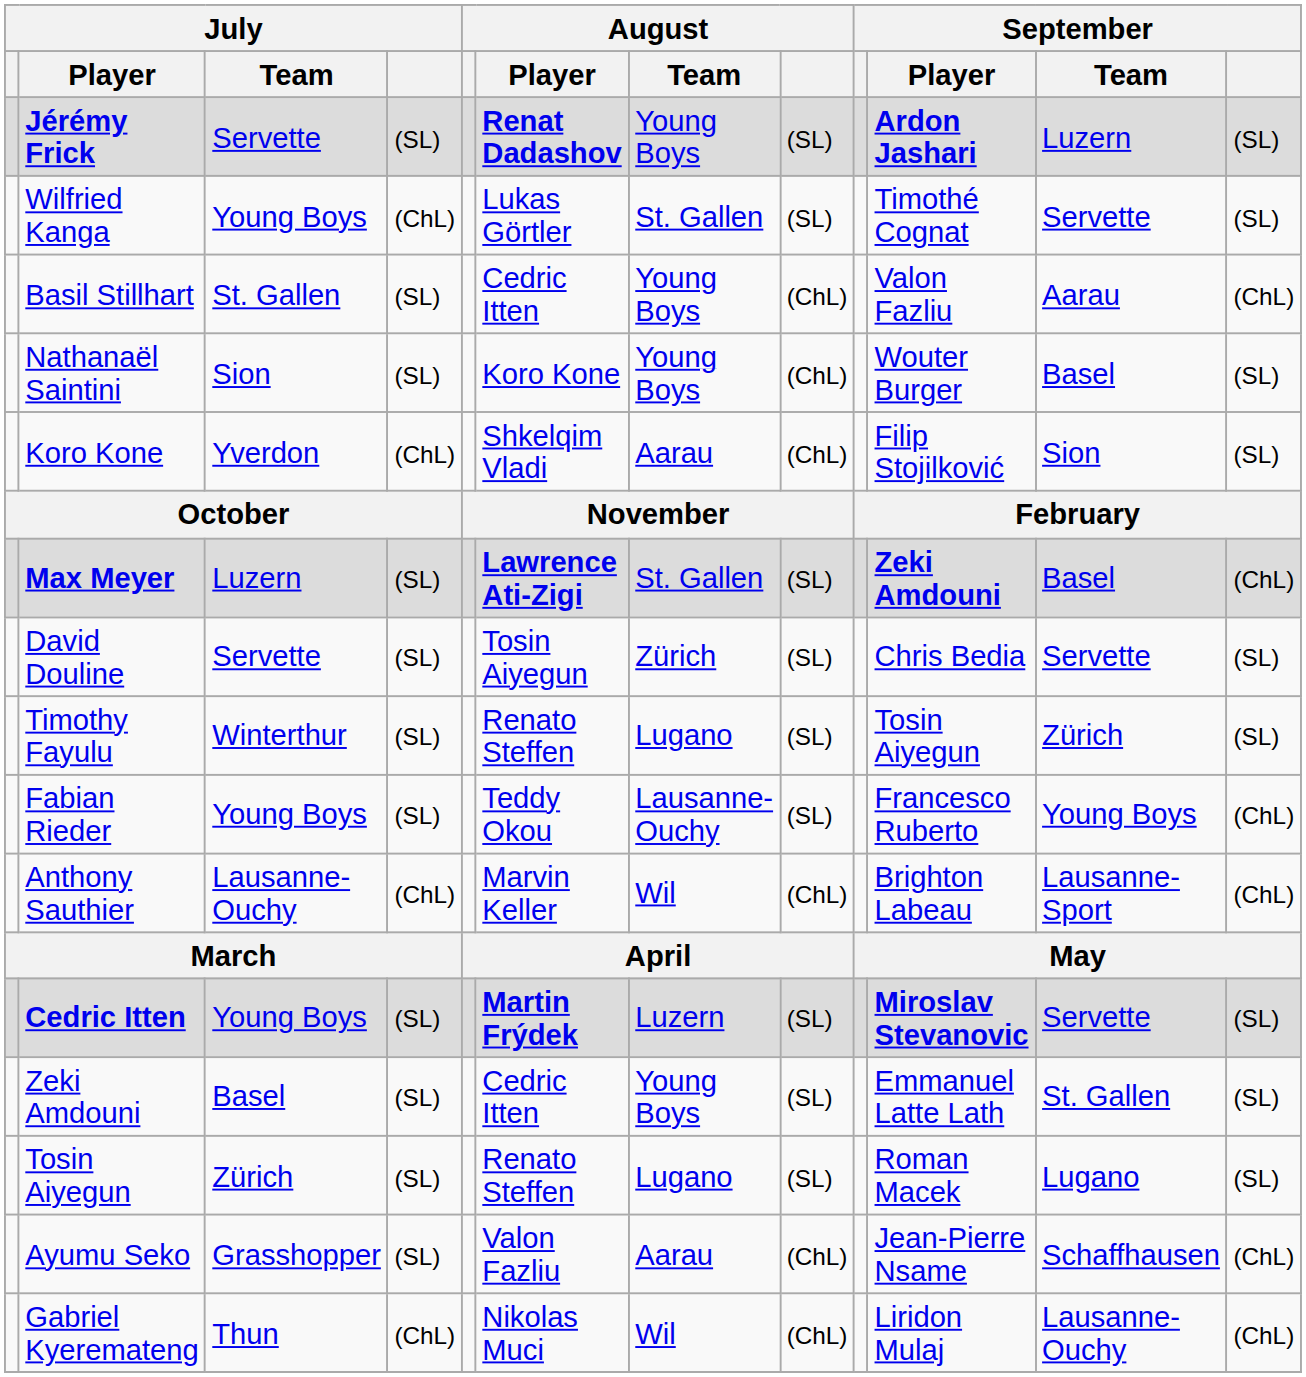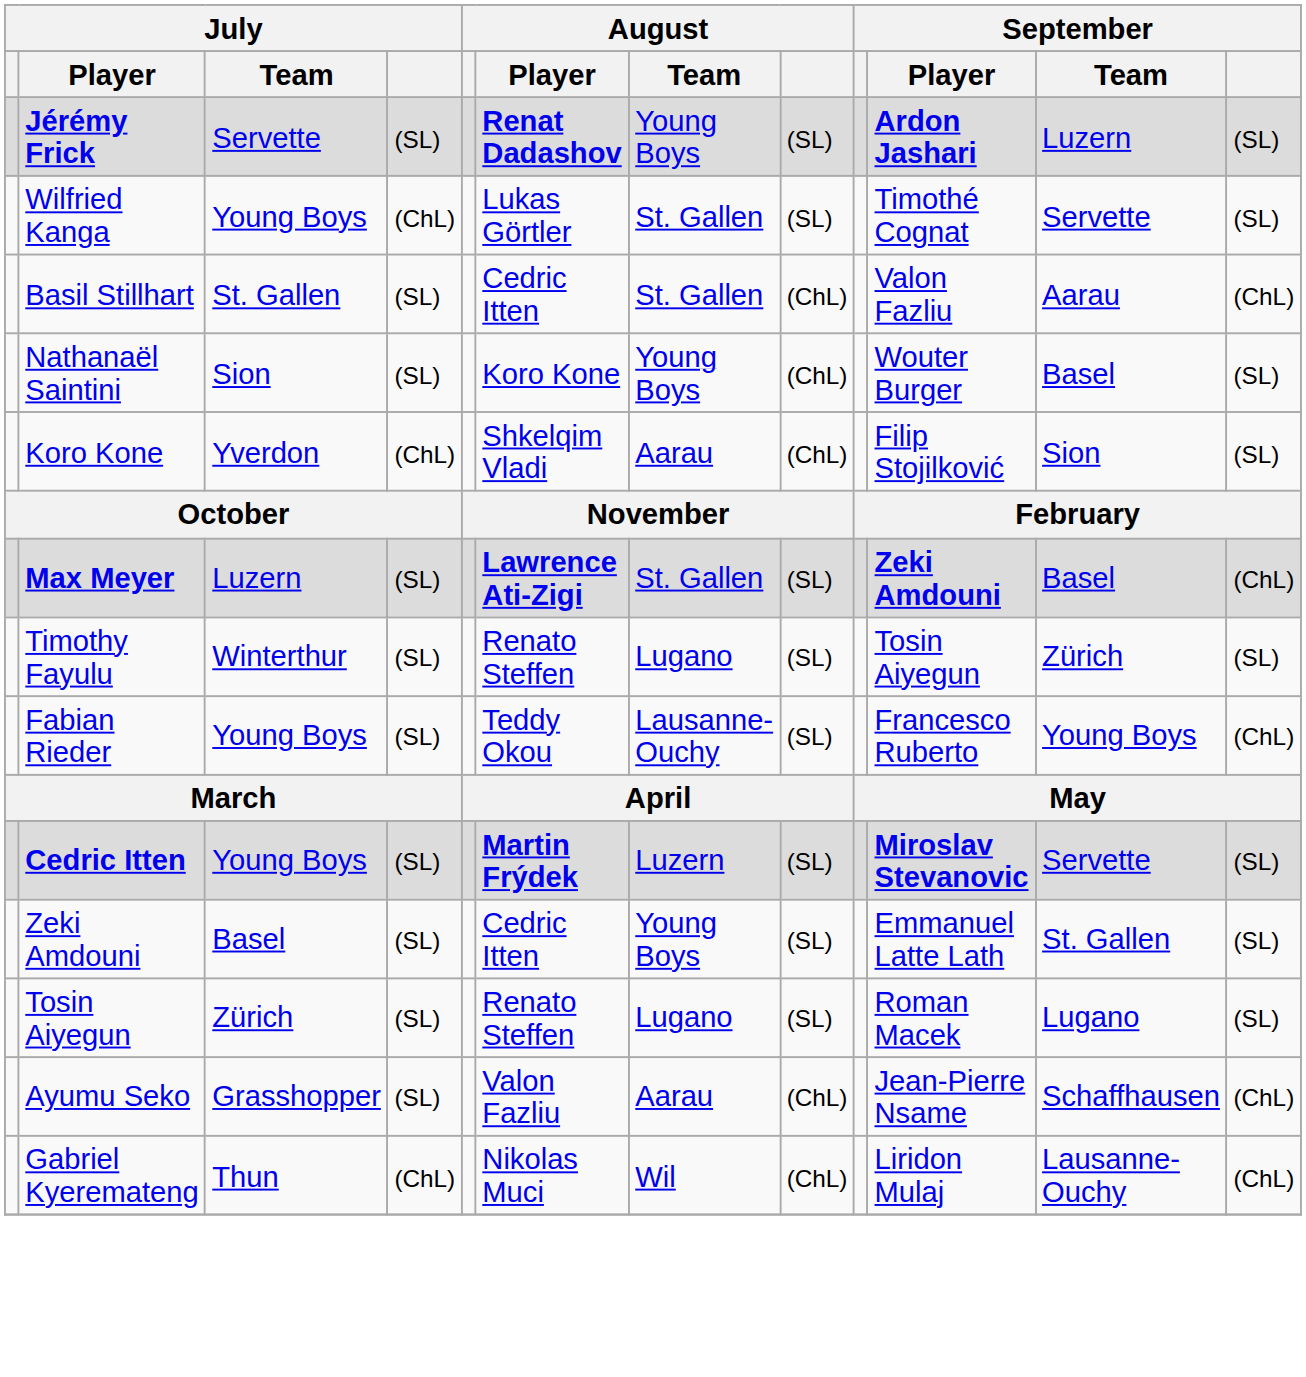 <table class="wikitable" style="text-align:left;font-size:95%">
 <tr>
 <th colspan=4>July</th>
 <th colspan=4>August</th>
 <th colspan=4>September</th>
 </tr>
 <tr>
 <th align=center></th>
 <th width=150>Player</th>
 <th width=150>Team</th>
 <th width=20></th>
 <th align=center></th>
 <th width=150>Player</th>
 <th width=150>Team</th>
 <th width=20></th>
 <th align=center></th>
 <th width=150>Player</th>
 <th width=150>Team</th>
 <th width=20></th>
 </tr>
 <tr style="background:#dcdcdc;">
 <td></td>
 <td><strong><a href='#'>Jérémy Frick</a></strong></td>
 <td><a href='#'>Servette</a></td>
 <td><small>(SL)</small></td>
 <td></td>
 <td><strong><a href='#'>Renat Dadashov</a></strong></td>
 <td><a href='#'>Young Boys</a></td>
 <td><small>(SL)</small></td>
 <td></td>
 <td><strong><a href='#'>Ardon Jashari</a></strong></td>
 <td><a href='#'>Luzern</a></td>
 <td><small>(SL)</small></td>
 </tr>
 <tr>
 <td></td>
 <td><a href='#'>Wilfried Kanga</a></td>
 <td><a href='#'>Young Boys</a></td>
 <td><small>(ChL)</small></td>
 <td></td>
 <td><a href='#'>Lukas Görtler</a></td>
 <td><a href='#'>St. Gallen</a></td>
 <td><small>(SL)</small></td>
 <td></td>
 <td><a href='#'>Timothé Cognat</a></td>
 <td><a href='#'>Servette</a></td>
 <td><small>(SL)</small></td>
 </tr>
 <tr>
 <td></td>
 <td><a href='#'>Basil Stillhart</a></td>
 <td><a href='#'>St. Gallen</a></td>
 <td><small>(SL)</small></td>
 <td></td>
 <td><a href='#'>Cedric Itten</a></td>
-<td><a href='#'>Young Boys</a></td>
+<td><a href='#'>St. Gallen</a></td>
 <td><small>(ChL)</small></td>
 <td></td>
 <td><a href='#'>Valon Fazliu</a></td>
 <td><a href='#'>Aarau</a></td>
 <td><small>(ChL)</small></td>
 </tr>
 <tr>
 <td></td>
 <td><a href='#'>Nathanaël Saintini</a></td>
 <td><a href='#'>Sion</a></td>
 <td><small>(SL)</small></td>
 <td></td>
 <td><a href='#'>Koro Kone</a></td>
 <td><a href='#'>Young Boys</a></td>
 <td><small>(ChL)</small></td>
 <td></td>
 <td><a href='#'>Wouter Burger</a></td>
 <td><a href='#'>Basel</a></td>
 <td><small>(SL)</small></td>
 </tr>
 <tr>
 <td></td>
 <td><a href='#'>Koro Kone</a></td>
 <td><a href='#'>Yverdon</a></td>
 <td><small>(ChL)</small></td>
 <td></td>
 <td><a href='#'>Shkelqim Vladi</a></td>
 <td><a href='#'>Aarau</a></td>
 <td><small>(ChL)</small></td>
 <td></td>
 <td><a href='#'>Filip Stojilković</a></td>
 <td><a href='#'>Sion</a></td>
 <td><small>(SL)</small></td>
 </tr>
 <tr>
 <th colspan=4>October</th>
 <th colspan=4>November</th>
 <th colspan=4>February</th>
 </tr>
 <tr style="background:#dcdcdc;">
 <td></td>
 <td><strong><a href='#'>Max Meyer</a></strong></td>
 <td><a href='#'>Luzern</a></td>
 <td><small>(SL)</small></td>
 <td></td>
 <td><strong><a href='#'>Lawrence Ati-Zigi</a></strong></td>
 <td><a href='#'>St. Gallen</a></td>
 <td><small>(SL)</small></td>
 <td></td>
 <td><strong><a href='#'>Zeki Amdouni</a></strong></td>
 <td><a href='#'>Basel</a></td>
 <td><small>(ChL)</small></td>
 </tr>
 <tr>
 <td></td>
-<td><a href='#'>David Douline</a></td>
-<td><a href='#'>Servette</a></td>
-<td><small>(SL)</small></td>
-<td></td>
-<td><a href='#'>Tosin Aiyegun</a></td>
-<td><a href='#'>Zürich</a></td>
-<td><small>(SL)</small></td>
-<td></td>
-<td><a href='#'>Chris Bedia</a></td>
-<td><a href='#'>Servette</a></td>
-<td><small>(SL)</small></td>
-</tr>
-<tr>
-<td></td>
 <td><a href='#'>Timothy Fayulu</a></td>
 <td><a href='#'>Winterthur</a></td>
 <td><small>(SL)</small></td>
 <td></td>
 <td><a href='#'>Renato Steffen</a></td>
 <td><a href='#'>Lugano</a></td>
 <td><small>(SL)</small></td>
 <td></td>
 <td><a href='#'>Tosin Aiyegun</a></td>
 <td><a href='#'>Zürich</a></td>
 <td><small>(SL)</small></td>
 </tr>
 <tr>
 <td></td>
 <td><a href='#'>Fabian Rieder</a></td>
 <td><a href='#'>Young Boys</a></td>
 <td><small>(SL)</small></td>
 <td></td>
 <td><a href='#'>Teddy Okou</a></td>
 <td><a href='#'>Lausanne-Ouchy</a></td>
 <td><small>(SL)</small></td>
 <td></td>
 <td><a href='#'>Francesco Ruberto</a></td>
 <td><a href='#'>Young Boys</a></td>
-<td><small>(ChL)</small></td>
-</tr>
-<tr>
-<td></td>
-<td><a href='#'>Anthony Sauthier</a></td>
-<td><a href='#'>Lausanne-Ouchy</a></td>
-<td><small>(ChL)</small></td>
-<td></td>
-<td><a href='#'>Marvin Keller</a></td>
-<td><a href='#'>Wil</a></td>
-<td><small>(ChL)</small></td>
-<td></td>
-<td><a href='#'>Brighton Labeau</a></td>
-<td><a href='#'>Lausanne-Sport</a></td>
 <td><small>(ChL)</small></td>
 </tr>
 <tr>
 <th colspan=4>March</th>
 <th colspan=4>April</th>
 <th colspan=4>May</th>
 </tr>
 <tr style="background:#dcdcdc;">
 <td></td>
 <td><strong><a href='#'>Cedric Itten</a></strong></td>
 <td><a href='#'>Young Boys</a></td>
 <td><small>(SL)</small></td>
 <td></td>
 <td><strong><a href='#'>Martin Frýdek</a></strong></td>
 <td><a href='#'>Luzern</a></td>
 <td><small>(SL)</small></td>
 <td></td>
 <td><strong><a href='#'>Miroslav Stevanovic</a></strong></td>
 <td><a href='#'>Servette</a></td>
 <td><small>(SL)</small></td>
 </tr>
 <tr>
 <td></td>
 <td><a href='#'>Zeki Amdouni</a></td>
 <td><a href='#'>Basel</a></td>
 <td><small>(SL)</small></td>
 <td></td>
 <td><a href='#'>Cedric Itten</a></td>
 <td><a href='#'>Young Boys</a></td>
 <td><small>(SL)</small></td>
 <td></td>
 <td><a href='#'>Emmanuel Latte Lath</a></td>
 <td><a href='#'>St. Gallen</a></td>
 <td><small>(SL)</small></td>
 </tr>
 <tr>
 <td></td>
 <td><a href='#'>Tosin Aiyegun</a></td>
 <td><a href='#'>Zürich</a></td>
 <td><small>(SL)</small></td>
 <td></td>
 <td><a href='#'>Renato Steffen</a></td>
 <td><a href='#'>Lugano</a></td>
 <td><small>(SL)</small></td>
 <td></td>
 <td><a href='#'>Roman Macek</a></td>
 <td><a href='#'>Lugano</a></td>
 <td><small>(SL)</small></td>
 </tr>
 <tr>
 <td></td>
 <td><a href='#'>Ayumu Seko</a></td>
 <td><a href='#'>Grasshopper</a></td>
 <td><small>(SL)</small></td>
 <td></td>
 <td><a href='#'>Valon Fazliu</a></td>
 <td><a href='#'>Aarau</a></td>
 <td><small>(ChL)</small></td>
 <td></td>
 <td><a href='#'>Jean-Pierre Nsame</a></td>
 <td><a href='#'>Schaffhausen</a></td>
 <td><small>(ChL)</small></td>
 </tr>
 <tr>
 <td></td>
 <td><a href='#'>Gabriel Kyeremateng</a></td>
 <td><a href='#'>Thun</a></td>
 <td><small>(ChL)</small></td>
 <td></td>
 <td><a href='#'>Nikolas Muci</a></td>
 <td><a href='#'>Wil</a></td>
 <td><small>(ChL)</small></td>
 <td></td>
 <td><a href='#'>Liridon Mulaj</a></td>
 <td><a href='#'>Lausanne-Ouchy</a></td>
 <td><small>(ChL)</small></td>
 </tr>
 <tr>
 </tr>
 </table>
